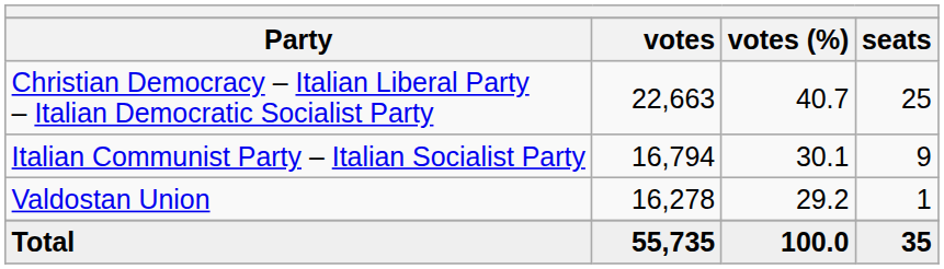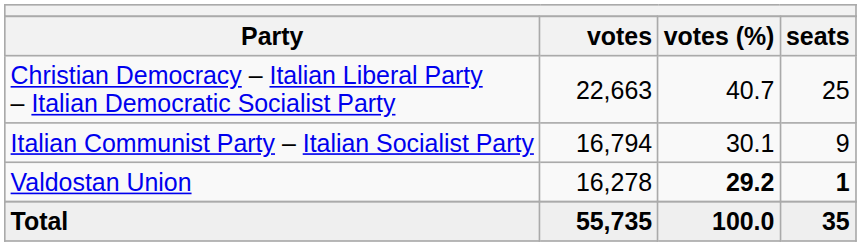 <table class="wikitable" style="font-size:95%">
 <tr>
 <th colspan=4></th>
 </tr>
 <tr>
 </tr>
 <tr bgcolor="EFEFEF">
 <th>Party</th>
 <th>      votes</th>
 <th>votes (%)</th>
 <th>seats</th>
 </tr>
 <tr>
 <td><a href='#'>Christian Democracy</a> – <a href='#'>Italian Liberal Party</a><br>– <a href='#'>Italian Democratic Socialist Party</a></td>
 <td align=right>22,663</td>
 <td align=right>40.7</td>
 <td align=right>25</td>
 </tr>
 <tr>
 <td><a href='#'>Italian Communist Party</a> – <a href='#'>Italian Socialist Party</a></td>
 <td align=right>16,794</td>
 <td align=right>30.1</td>
 <td align=right>9</td>
 </tr>
 <tr>
 <td><a href='#'>Valdostan Union</a></td>
 <td align=right>16,278</td>
-<td align=right>29.2</td>
-<td align=right>1</td>
+<td align=right><strong>29.2</strong></td>
+<td align=right><strong>1</strong></td>
 </tr>
 <tr>
 </tr>
 <tr bgcolor="EFEFEF">
 <td><strong>Total</strong></td>
 <td align=right><strong>55,735</strong></td>
 <td align=right><strong>100.0</strong></td>
 <td align=right><strong>35</strong></td>
 </tr>
 </table>
